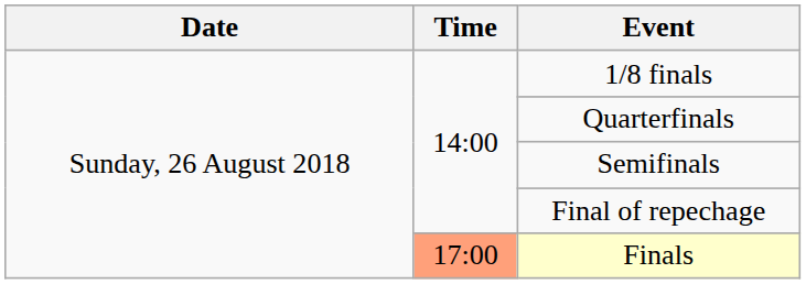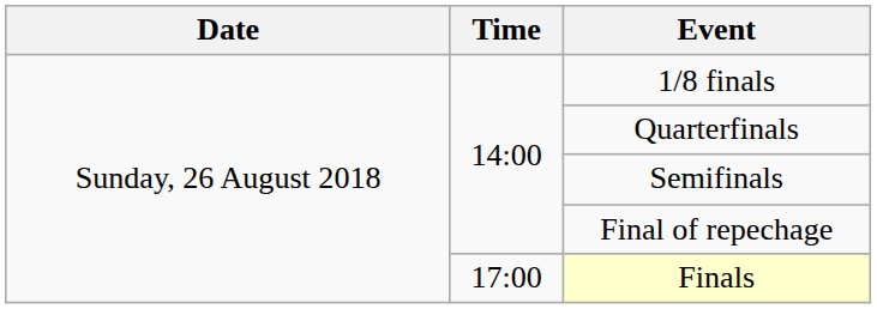 <table class = "wikitable" style="text-align:center;">
 <tr>
 <th width=220>Date</th>
 <th width=50>Time</th>
 <th width=150>Event</th>
 </tr>
 <tr>
 <td rowspan=5>Sunday, 26 August 2018</td>
 <td rowspan=4>14:00</td>
 <td>1/8 finals</td>
 </tr>
 <tr>
 <td>Quarterfinals</td>
 </tr>
 <tr>
 <td>Semifinals</td>
 </tr>
 <tr>
 <td>Final of repechage</td>
 </tr>
 <tr>
-<td style="background: lightsalmon;">17:00</td>
+<td>17:00</td>
 <td bgcolor=ffffcc>Finals</td>
 </tr>
 </table>
